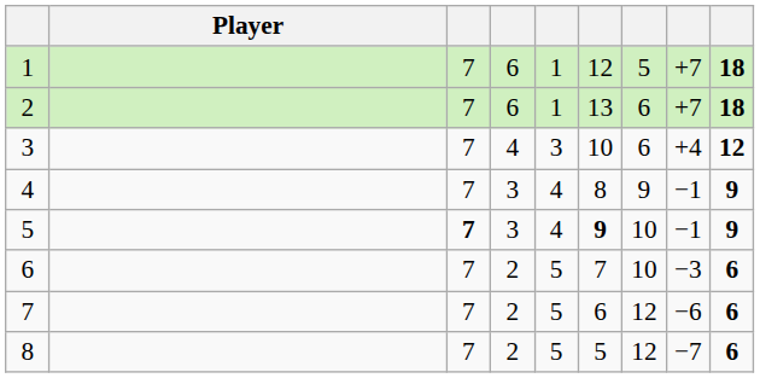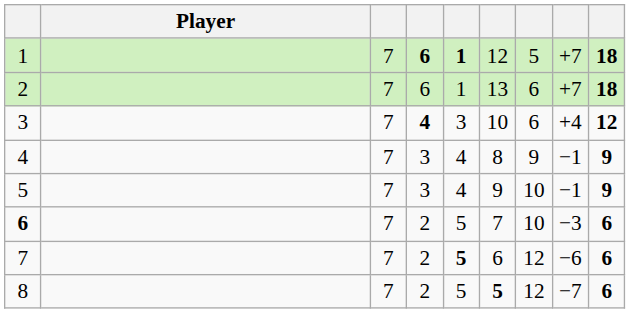 <table class="wikitable" style="text-align:center; margin: 1em auto 1em auto, align:left">
 <tr>
 <th width=20></th>
 <th width=240>Player</th>
 <th width=20></th>
 <th width=20></th>
 <th width=20></th>
 <th width=20></th>
 <th width=20></th>
 <th width=20></th>
 <th width=20></th>
 </tr>
 <tr style="background:#D0F0C0;">
 <td>1</td>
 <td align=left></td>
 <td>7</td>
-<td>6</td>
-<td>1</td>
+<td><strong>6</strong></td>
+<td><strong>1</strong></td>
 <td>12</td>
 <td>5</td>
 <td>+7</td>
 <td><strong>18</strong></td>
 </tr>
 <tr style="background:#D0F0C0;">
 <td>2</td>
 <td align=left></td>
 <td>7</td>
 <td>6</td>
 <td>1</td>
 <td>13</td>
 <td>6</td>
 <td>+7</td>
 <td><strong>18</strong></td>
 </tr>
 <tr style=>
 <td>3</td>
 <td align=left></td>
 <td>7</td>
-<td>4</td>
+<td><strong>4</strong></td>
 <td>3</td>
 <td>10</td>
 <td>6</td>
 <td>+4</td>
 <td><strong>12</strong></td>
 </tr>
 <tr style=>
 <td>4</td>
 <td align=left></td>
 <td>7</td>
 <td>3</td>
 <td>4</td>
 <td>8</td>
 <td>9</td>
 <td>−1</td>
 <td><strong>9</strong></td>
 </tr>
 <tr style=>
 <td>5</td>
 <td align=left></td>
-<td><strong>7</strong></td>
+<td>7</td>
 <td>3</td>
 <td>4</td>
-<td><strong>9</strong></td>
+<td>9</td>
 <td>10</td>
 <td>−1</td>
 <td><strong>9</strong></td>
 </tr>
 <tr style=>
-<td>6</td>
+<td><strong>6</strong></td>
 <td align=left></td>
 <td>7</td>
 <td>2</td>
 <td>5</td>
 <td>7</td>
 <td>10</td>
 <td>−3</td>
 <td><strong>6</strong></td>
 </tr>
 <tr style=>
 <td>7</td>
 <td align=left></td>
 <td>7</td>
 <td>2</td>
-<td>5</td>
+<td><strong>5</strong></td>
 <td>6</td>
 <td>12</td>
 <td>−6</td>
 <td><strong>6</strong></td>
 </tr>
 <tr style=>
 <td>8</td>
 <td align=left></td>
 <td>7</td>
 <td>2</td>
 <td>5</td>
-<td>5</td>
+<td><strong>5</strong></td>
 <td>12</td>
 <td>−7</td>
 <td><strong>6</strong></td>
 </tr>
 </table>
